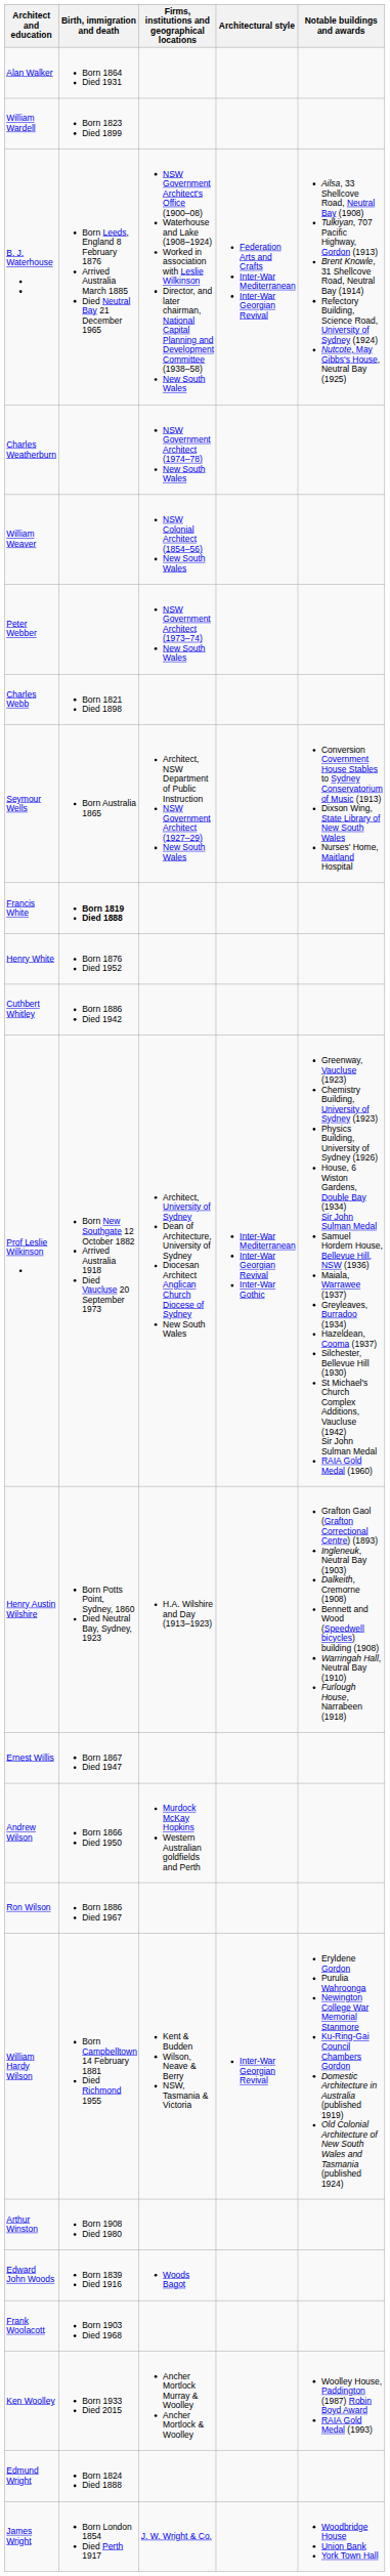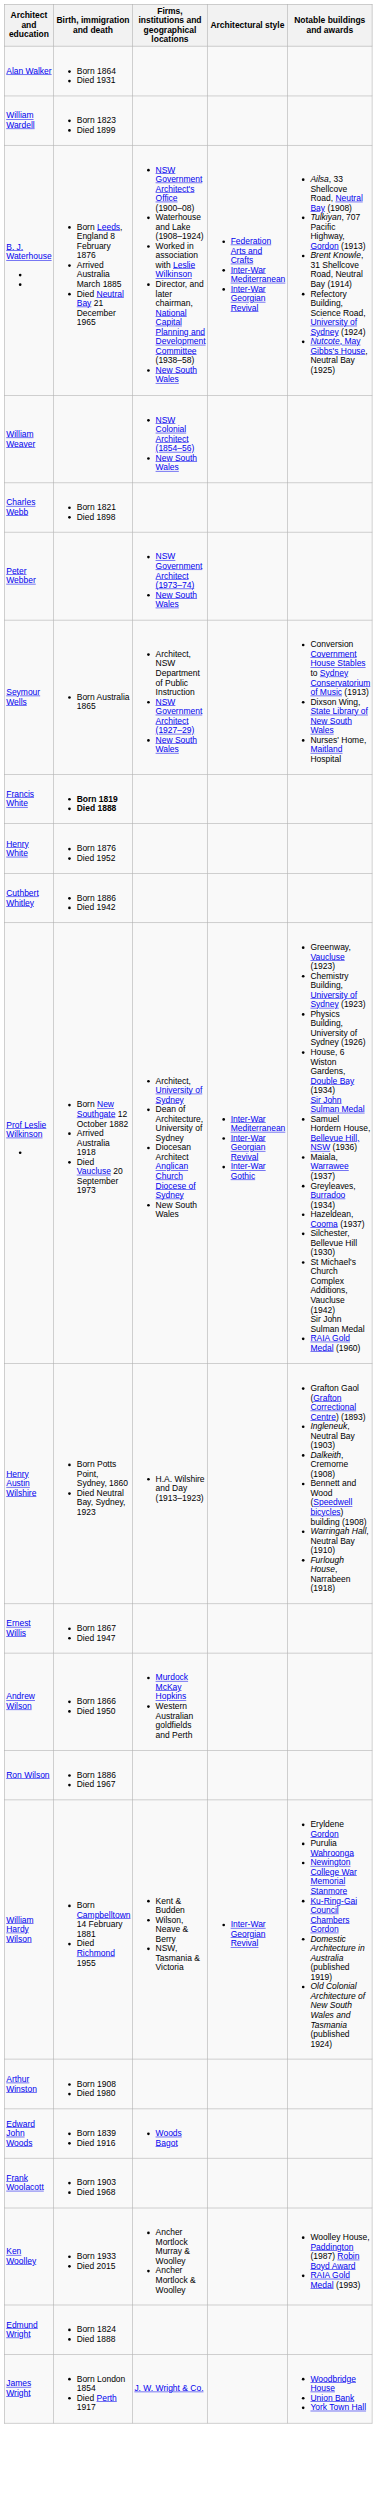 <table class="wikitable">
 <tr style="background:#efefef;">
 <th>Architect and education</th>
 <th>Birth, immigration and death</th>
 <th>Firms, institutions and geographical locations</th>
 <th>Architectural style</th>
 <th>Notable buildings and awards</th>
 </tr>
 <tr>
 <td><a href='#'>Alan Walker</a></td>
 <td><br><ul><li>Born 1864</li><li>Died 1931</li></ul></td>
 <td></td>
 <td></td>
 <td></td>
 </tr>
 <tr>
 <td><a href='#'>William Wardell</a></td>
 <td><br><ul><li>Born 1823</li><li>Died 1899</li></ul></td>
 <td></td>
 <td></td>
 <td></td>
 </tr>
 <tr>
 <td><a href='#'>B. J. Waterhouse</a> <br><ul><li></li><li></li></ul></td>
 <td><br><ul><li>Born <a href='#'>Leeds</a>, England 8 February 1876</li><li>Arrived Australia March 1885</li><li>Died <a href='#'>Neutral Bay</a> 21 December 1965</li></ul></td>
 <td><br><ul><li><a href='#'>NSW Government Architect's Office</a> (1900–08)</li><li>Waterhouse and Lake (1908–1924)</li><li>Worked in association with <a href='#'>Leslie Wilkinson</a></li><li>Director, and later chairman, <a href='#'>National Capital Planning and Development Committee</a> (1938–58)</li><li><a href='#'>New South Wales</a></li></ul></td>
 <td><br><ul><li><a href='#'>Federation Arts and Crafts</a></li><li><a href='#'>Inter-War Mediterranean</a></li><li><a href='#'>Inter-War Georgian Revival</a></li></ul></td>
 <td><br><ul><li><em>Ailsa</em>, 33 Shellcove Road, <a href='#'>Neutral Bay</a> (1908)</li><li><em>Tulkiyan</em>, 707 Pacific Highway, <a href='#'>Gordon</a> (1913)</li><li><em>Brent Knowle</em>, 31 Shellcove Road, Neutral Bay (1914)</li><li>Refectory Building, Science Road, <a href='#'>University of Sydney</a> (1924)</li><li><a href='#'><em>Nutcote</em>, May Gibbs's House</a>, Neutral Bay (1925)</li></ul></td>
 </tr>
 <tr>
-<td><a href='#'>Charles Weatherburn</a></td>
-<td></td>
-<td><br><ul><li><a href='#'>NSW Government Architect<br>(1974–78)</a></li><li><a href='#'>New South Wales</a></li></ul></td>
-<td></td>
-<td></td>
-</tr>
-<tr>
 <td><a href='#'>William Weaver</a></td>
 <td></td>
 <td><br><ul><li><a href='#'>NSW Colonial Architect<br>(1854–56)</a></li><li><a href='#'>New South Wales</a></li></ul></td>
 <td></td>
 <td></td>
 </tr>
 <tr>
-<td><a href='#'>Peter Webber</a></td>
+<td><a href='#'>Charles Webb</a></td>
+<td><br><ul><li>Born 1821</li><li>Died 1898</li></ul></td>
 <td></td>
-<td><br><ul><li><a href='#'>NSW Government Architect<br>(1973–74)</a></li><li><a href='#'>New South Wales</a></li></ul></td>
 <td></td>
 <td></td>
 </tr>
 <tr>
-<td><a href='#'>Charles Webb</a></td>
-<td><br><ul><li>Born 1821</li><li>Died 1898</li></ul></td>
+<td><a href='#'>Peter Webber</a></td>
 <td></td>
+<td><br><ul><li><a href='#'>NSW Government Architect<br>(1973–74)</a></li><li><a href='#'>New South Wales</a></li></ul></td>
 <td></td>
 <td></td>
 </tr>
 <tr>
 <td><a href='#'>Seymour Wells</a></td>
 <td><br><ul><li>Born Australia 1865</li></ul></td>
 <td><br><ul><li>Architect, NSW Department of Public Instruction</li><li><a href='#'>NSW Government Architect<br>(1927–29)</a></li><li><a href='#'>New South Wales</a></li></ul></td>
 <td></td>
 <td><br><ul><li>Conversion <a href='#'>Covernment House Stables</a> to <a href='#'>Sydney Conservatorium of Music</a> (1913)</li><li>Dixson Wing, <a href='#'>State Library of New South Wales</a></li><li>Nurses' Home, <a href='#'>Maitland</a> Hospital</li></ul></td>
 </tr>
 <tr>
 <td><a href='#'>Francis White</a></td>
 <td><strong><br><ul><li>Born 1819</li><li>Died 1888</li></ul></strong></td>
 <td></td>
 <td></td>
 <td></td>
 </tr>
 <tr>
 <td><a href='#'>Henry White</a></td>
 <td><br><ul><li>Born 1876</li><li>Died 1952</li></ul></td>
 <td></td>
 <td></td>
 <td></td>
 </tr>
 <tr>
 <td><a href='#'>Cuthbert Whitley</a></td>
 <td><br><ul><li>Born 1886</li><li>Died 1942</li></ul></td>
 <td></td>
 <td></td>
 <td></td>
 </tr>
 <tr>
 <td><a href='#'>Prof Leslie Wilkinson</a> <br><ul><li></li></ul></td>
 <td><br><ul><li>Born <a href='#'>New Southgate</a> 12 October 1882</li><li>Arrived Australia 1918</li><li>Died <a href='#'>Vaucluse</a> 20 September 1973</li></ul></td>
 <td><br><ul><li>Architect, <a href='#'>University of Sydney</a></li><li>Dean of Architecture, University of Sydney</li><li>Diocesan Architect <a href='#'>Anglican Church Diocese of Sydney</a></li><li>New South Wales</li></ul></td>
 <td><br><ul><li><a href='#'>Inter-War Mediterranean</a></li><li><a href='#'>Inter-War Georgian Revival</a></li><li><a href='#'>Inter-War Gothic</a></li></ul></td>
 <td><br><ul><li>Greenway, <a href='#'>Vaucluse</a> (1923)</li><li>Chemistry Building, <a href='#'>University of Sydney</a> (1923)</li><li>Physics Building, University of Sydney (1926)</li><li>House, 6 Wiston Gardens, <a href='#'>Double Bay</a> (1934)<br><a href='#'>Sir John Sulman Medal</a></li><li>Samuel Hordern House, <a href='#'>Bellevue Hill, NSW</a> (1936)</li><li>Maiala, <a href='#'>Warrawee</a> (1937)</li><li>Greyleaves, <a href='#'>Burradoo</a> (1934)</li><li>Hazeldean, <a href='#'>Cooma</a> (1937)</li><li>Silchester, Bellevue Hill (1930)</li><li>St Michael's Church Complex Additions, Vaucluse (1942)<br>Sir John Sulman Medal</li><li><a href='#'>RAIA Gold Medal</a> (1960)</li></ul></td>
 </tr>
 <tr>
 <td><a href='#'>Henry Austin Wilshire</a></td>
 <td><br><ul><li>Born Potts Point, Sydney, 1860</li><li>Died Neutral Bay, Sydney, 1923</li></ul></td>
 <td><br><ul><li>H.A. Wilshire and Day (1913–1923)</li></ul></td>
 <td></td>
 <td><br><ul><li>Grafton Gaol (<a href='#'>Grafton Correctional Centre</a>) (1893)</li><li><em>Ingleneuk</em>, Neutral Bay (1903)</li><li><em>Dalkeith</em>, Cremorne (1908)</li><li>Bennett and Wood (<a href='#'>Speedwell bicycles</a>) building (1908)</li><li><em>Warringah Hall</em>, Neutral Bay (1910)</li><li><em>Furlough House</em>, Narrabeen (1918)</li></ul></td>
 </tr>
 <tr>
 <td><a href='#'>Ernest Willis</a></td>
 <td><br><ul><li>Born 1867</li><li>Died 1947</li></ul></td>
 <td></td>
 <td></td>
 <td></td>
 </tr>
 <tr>
 <td><a href='#'>Andrew Wilson</a></td>
 <td><br><ul><li>Born 1866</li><li>Died 1950</li></ul></td>
 <td><br><ul><li><a href='#'>Murdock McKay Hopkins</a></li><li>Western Australian goldfields and Perth</li></ul></td>
 <td></td>
 <td></td>
 </tr>
 <tr>
 <td><a href='#'>Ron Wilson</a></td>
 <td><br><ul><li>Born 1886</li><li>Died 1967</li></ul></td>
 <td></td>
 <td></td>
 <td></td>
 </tr>
 <tr>
 <td><a href='#'>William Hardy Wilson</a></td>
 <td><br><ul><li>Born <a href='#'>Campbelltown</a> 14 February 1881</li><li>Died <a href='#'>Richmond</a> 1955</li></ul></td>
 <td><br><ul><li>Kent & Budden</li><li>Wilson, Neave & Berry</li><li>NSW, Tasmania & Victoria</li></ul></td>
 <td><br><ul><li><a href='#'>Inter-War Georgian Revival</a></li></ul></td>
 <td><br><ul><li>Eryldene <a href='#'>Gordon</a></li><li>Purulia <a href='#'>Wahroonga</a></li><li><a href='#'>Newington College War Memorial</a> <a href='#'>Stanmore</a></li><li><a href='#'>Ku-Ring-Gai Council Chambers</a> <a href='#'>Gordon</a></li><li><em>Domestic Architecture in Australia</em> (published 1919)</li><li><em>Old Colonial Architecture of New South Wales and Tasmania</em> (published 1924)</li></ul></td>
 </tr>
 <tr>
 <td><a href='#'>Arthur Winston</a></td>
 <td><br><ul><li>Born 1908</li><li>Died 1980</li></ul></td>
 <td></td>
 <td></td>
 <td></td>
 </tr>
 <tr>
 <td><a href='#'>Edward John Woods</a></td>
 <td><br><ul><li>Born 1839</li><li>Died 1916</li></ul></td>
 <td><br><ul><li><a href='#'>Woods Bagot</a></li></ul></td>
 <td></td>
 <td></td>
 </tr>
 <tr>
 <td><a href='#'>Frank Woolacott</a></td>
 <td><br><ul><li>Born 1903</li><li>Died 1968</li></ul></td>
 <td></td>
 <td></td>
 <td></td>
 </tr>
 <tr>
 <td><a href='#'>Ken Woolley</a></td>
 <td><br><ul><li>Born 1933</li><li>Died 2015</li></ul></td>
 <td><br><ul><li>Ancher Mortlock Murray & Woolley</li><li>Ancher Mortlock & Woolley</li></ul></td>
 <td></td>
 <td><br><ul><li>Woolley House, <a href='#'>Paddington</a> (1987) <a href='#'>Robin Boyd Award</a></li><li><a href='#'>RAIA Gold Medal</a> (1993)</li></ul></td>
 </tr>
 <tr>
 <td><a href='#'>Edmund Wright</a></td>
 <td><br><ul><li>Born 1824</li><li>Died 1888</li></ul></td>
 <td></td>
 <td></td>
 <td></td>
 </tr>
 <tr>
 <td><a href='#'>James Wright</a></td>
 <td><br><ul><li>Born London 1854</li><li>Died <a href='#'>Perth</a> 1917</li></ul></td>
 <td><a href='#'>J. W. Wright & Co.</a></td>
 <td></td>
 <td><br><ul><li><a href='#'>Woodbridge House</a></li><li><a href='#'>Union Bank</a></li><li><a href='#'>York Town Hall</a></li></ul></td>
 </tr>
 </table>
